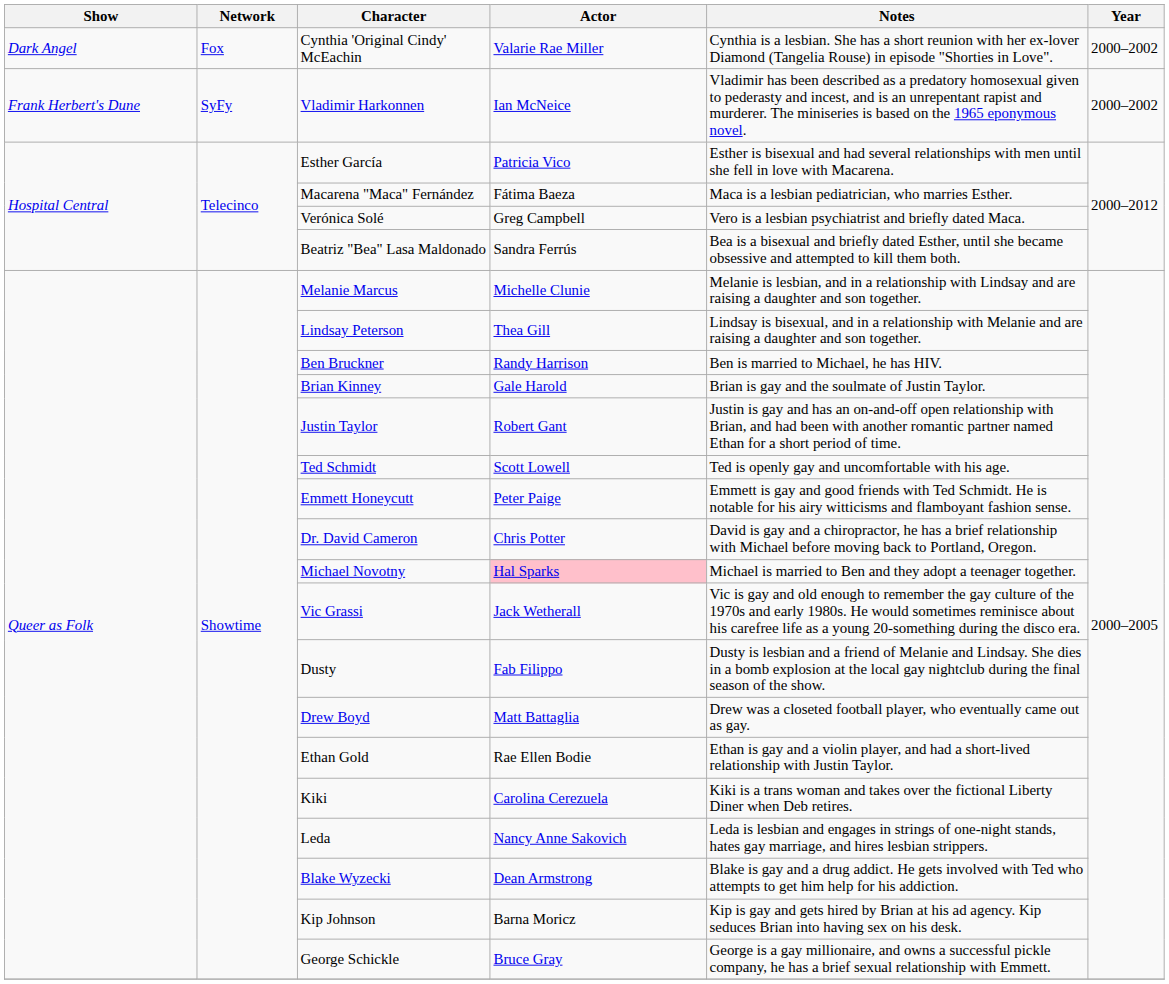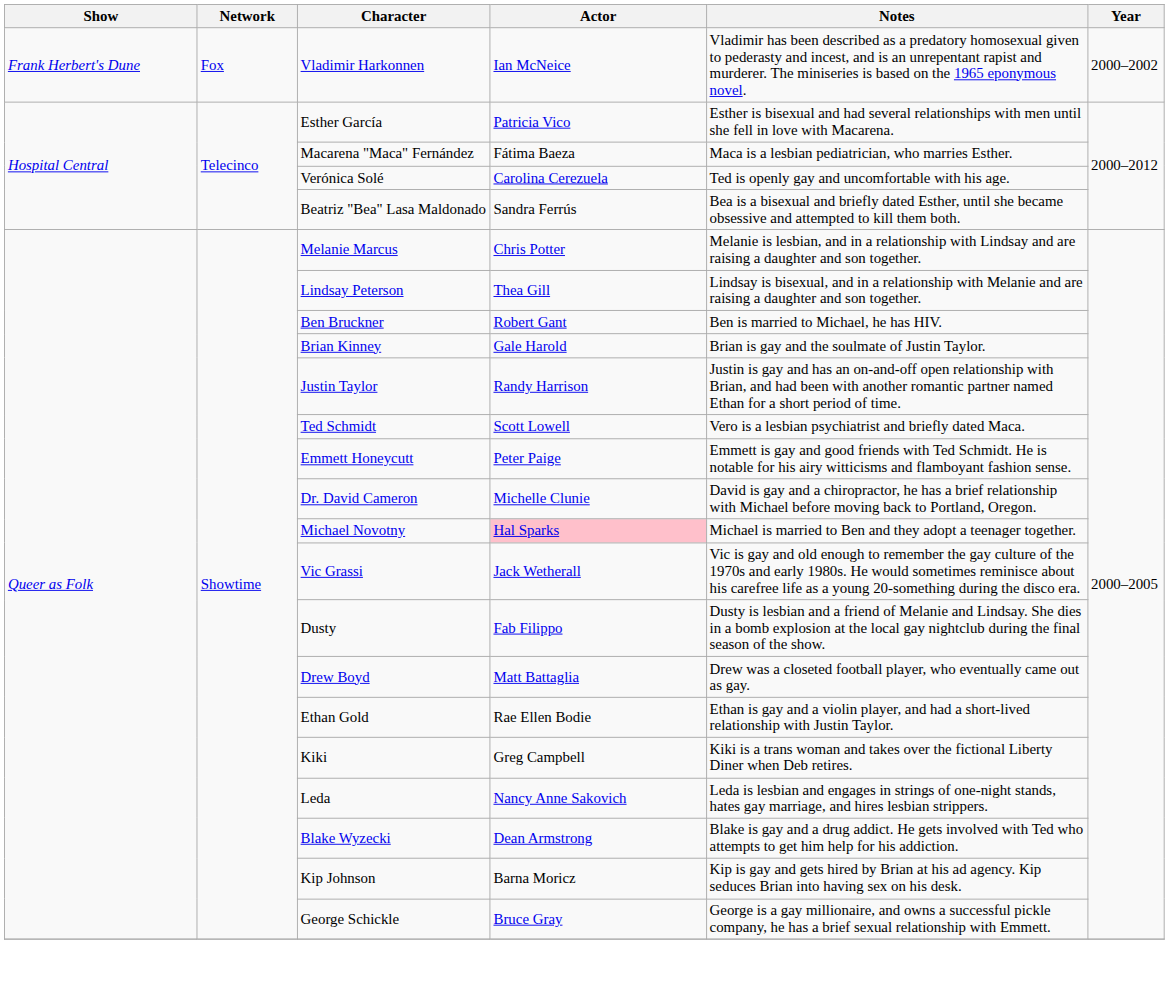 <table class="sortable wikitable" style="margins:auto; width=100%;">
 <tr>
 <th style="width:200px;">Show</th>
 <th style="width:100px;">Network</th>
 <th style="width:200px;">Character</th>
 <th style="width:225px;">Actor</th>
 <th>Notes</th>
 <th style="width:75px;">Year</th>
 </tr>
 <tr>
-<td><em><a href='#'>Dark Angel</a></em></td>
+<td><em><a href='#'>Frank Herbert's Dune</a></em></td>
 <td><a href='#'>Fox</a></td>
-<td>Cynthia 'Original Cindy' McEachin</td>
-<td><a href='#'>Valarie Rae Miller</a></td>
-<td>Cynthia is a lesbian. She has a short reunion with her ex-lover Diamond (Tangelia Rouse) in episode "Shorties in Love".</td>
-<td>2000–2002</td>
-</tr>
-<tr>
-<td><em><a href='#'>Frank Herbert's Dune</a></em></td>
-<td><a href='#'>SyFy</a></td>
 <td><a href='#'>Vladimir Harkonnen</a></td>
 <td><a href='#'>Ian McNeice</a></td>
 <td>Vladimir has been described as a predatory homosexual given to pederasty and incest, and is an unrepentant rapist and murderer. The miniseries is based on the <a href='#'>1965 eponymous novel</a>.</td>
 <td>2000–2002</td>
 </tr>
 <tr>
 <td rowspan="4"><em><a href='#'>Hospital Central</a></em></td>
 <td rowspan="4"><a href='#'>Telecinco</a></td>
 <td>Esther García</td>
 <td><a href='#'>Patricia Vico</a></td>
 <td>Esther is bisexual and had several relationships with men until she fell in love with Macarena.</td>
 <td rowspan="4">2000–2012</td>
 </tr>
 <tr>
 <td>Macarena "Maca" Fernández</td>
 <td>Fátima Baeza</td>
 <td>Maca is a lesbian pediatrician, who marries Esther.</td>
 </tr>
 <tr>
 <td>Verónica Solé</td>
-<td>Greg Campbell</td>
-<td>Vero is a lesbian psychiatrist and briefly dated Maca.</td>
+<td><a href='#'>Carolina Cerezuela</a></td>
+<td>Ted is openly gay and uncomfortable with his age.</td>
 </tr>
 <tr>
 <td>Beatriz "Bea" Lasa Maldonado</td>
 <td>Sandra Ferrús</td>
 <td>Bea is a bisexual and briefly dated Esther, until she became obsessive and attempted to kill them both.</td>
 </tr>
 <tr>
 <td rowspan="18"><em><a href='#'>Queer as Folk</a></em></td>
 <td rowspan="18"><a href='#'>Showtime</a></td>
 <td><a href='#'>Melanie Marcus</a></td>
-<td><a href='#'>Michelle Clunie</a></td>
+<td><a href='#'>Chris Potter</a></td>
 <td>Melanie is lesbian, and in a relationship with Lindsay and are raising a daughter and son together.</td>
 <td rowspan="18">2000–2005</td>
 </tr>
 <tr>
 <td><a href='#'>Lindsay Peterson</a></td>
 <td><a href='#'>Thea Gill</a></td>
 <td>Lindsay is bisexual, and in a relationship with Melanie and are raising a daughter and son together.</td>
 </tr>
 <tr>
 <td><a href='#'>Ben Bruckner</a></td>
-<td><a href='#'>Randy Harrison</a></td>
+<td><a href='#'>Robert Gant</a></td>
 <td>Ben is married to Michael, he has HIV.</td>
 </tr>
 <tr>
 <td><a href='#'>Brian Kinney</a></td>
 <td><a href='#'>Gale Harold</a></td>
 <td>Brian is gay and the soulmate of Justin Taylor.</td>
 </tr>
 <tr>
 <td><a href='#'>Justin Taylor</a></td>
-<td><a href='#'>Robert Gant</a></td>
+<td><a href='#'>Randy Harrison</a></td>
 <td>Justin is gay and has an on-and-off open relationship with Brian, and had been with another romantic partner named Ethan for a short period of time.</td>
 </tr>
 <tr>
 <td><a href='#'>Ted Schmidt</a></td>
 <td><a href='#'>Scott Lowell</a></td>
-<td>Ted is openly gay and uncomfortable with his age.</td>
+<td>Vero is a lesbian psychiatrist and briefly dated Maca.</td>
 </tr>
 <tr>
 <td><a href='#'>Emmett Honeycutt</a></td>
 <td><a href='#'>Peter Paige</a></td>
 <td>Emmett is gay and good friends with Ted Schmidt. He is notable for his airy witticisms and flamboyant fashion sense.</td>
 </tr>
 <tr>
 <td><a href='#'>Dr. David Cameron</a></td>
-<td><a href='#'>Chris Potter</a></td>
+<td><a href='#'>Michelle Clunie</a></td>
 <td>David is gay and a chiropractor, he has a brief relationship with Michael before moving back to Portland, Oregon.</td>
 </tr>
 <tr>
 <td><a href='#'>Michael Novotny</a></td>
 <td style="background: pink;"><a href='#'>Hal Sparks</a></td>
 <td>Michael is married to Ben and they adopt a teenager together.</td>
 </tr>
 <tr>
 <td><a href='#'>Vic Grassi</a></td>
 <td><a href='#'>Jack Wetherall</a></td>
 <td>Vic is gay and old enough to remember the gay culture of the 1970s and early 1980s. He would sometimes reminisce about his carefree life as a young 20-something during the disco era.</td>
 </tr>
 <tr>
 <td>Dusty</td>
 <td><a href='#'>Fab Filippo</a></td>
 <td>Dusty is lesbian and a friend of Melanie and Lindsay. She dies in a bomb explosion at the local gay nightclub during the final season of the show.</td>
 </tr>
 <tr>
 <td><a href='#'>Drew Boyd</a></td>
 <td><a href='#'>Matt Battaglia</a></td>
 <td>Drew was a closeted football player, who eventually came out as gay.</td>
 </tr>
 <tr>
 <td>Ethan Gold</td>
 <td>Rae Ellen Bodie</td>
 <td>Ethan is gay and a violin player, and had a short-lived relationship with Justin Taylor.</td>
 </tr>
 <tr>
 <td>Kiki</td>
-<td><a href='#'>Carolina Cerezuela</a></td>
+<td>Greg Campbell</td>
 <td>Kiki is a trans woman and takes over the fictional Liberty Diner when Deb retires.</td>
 </tr>
 <tr>
 <td>Leda</td>
 <td><a href='#'>Nancy Anne Sakovich</a></td>
 <td>Leda is lesbian and engages in strings of one-night stands, hates gay marriage, and hires lesbian strippers.</td>
 </tr>
 <tr>
 <td><a href='#'>Blake Wyzecki</a></td>
 <td><a href='#'>Dean Armstrong</a></td>
 <td>Blake is gay and a drug addict. He gets involved with Ted who attempts to get him help for his addiction.</td>
 </tr>
 <tr>
 <td>Kip Johnson</td>
 <td>Barna Moricz</td>
 <td>Kip is gay and gets hired by Brian at his ad agency. Kip seduces Brian into having sex on his desk.</td>
 </tr>
 <tr>
 <td>George Schickle</td>
 <td><a href='#'>Bruce Gray</a></td>
 <td>George is a gay millionaire, and owns a successful pickle company, he has a brief sexual relationship with Emmett.</td>
 </tr>
 <tr>
 </tr>
 </table>
